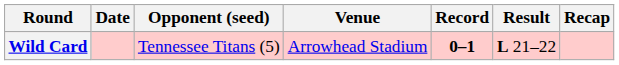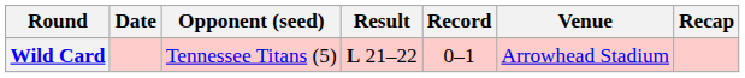 <table class="wikitable" style="text-align:center">
 <tr>
 <th>Round</th>
 <th>Date</th>
 <th>Opponent (seed)</th>
+<th>Result</th>
+<th>Record</th>
 <th>Venue</th>
-<th>Record</th>
-<th>Result</th>
 <th>Recap</th>
 </tr>
 <tr style="background:#fcc">
 <th><a href='#'>Wild Card</a></th>
 <td></td>
 <td><a href='#'>Tennessee Titans</a> (5)</td>
+<td><strong>L</strong> 21–22</td>
+<td>0–1</td>
 <td><a href='#'>Arrowhead Stadium</a></td>
-<td><strong>0–1</strong></td>
-<td><strong>L</strong> 21–22</td>
 <td></td>
 </tr>
 </table>
